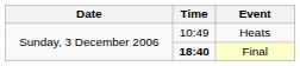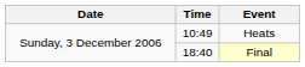 <table class = "wikitable" style="text-align:center;">
 <tr>
 <th width=220>Date</th>
 <th width=50>Time</th>
 <th width=100>Event</th>
 </tr>
 <tr>
 <td rowspan=2>Sunday, 3 December 2006</td>
 <td>10:49</td>
 <td>Heats</td>
 </tr>
 <tr>
-<td><strong>18:40</strong></td>
+<td>18:40</td>
 <td bgcolor=ffffcc>Final</td>
 </tr>
 </table>
